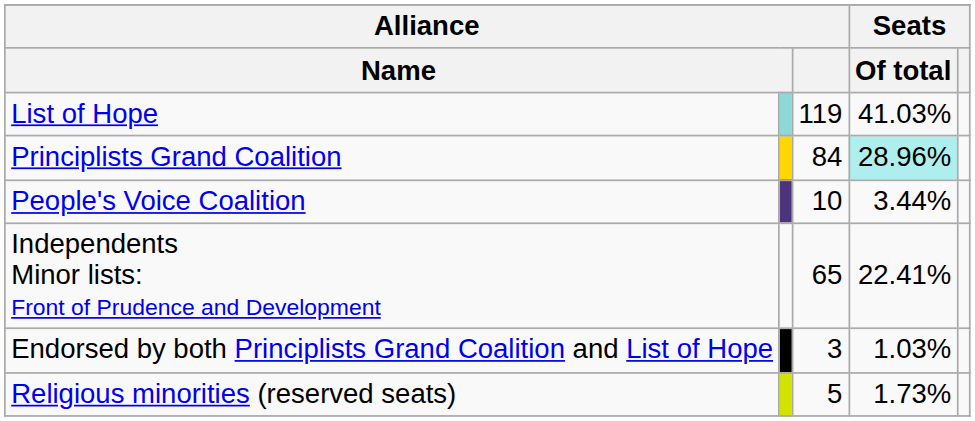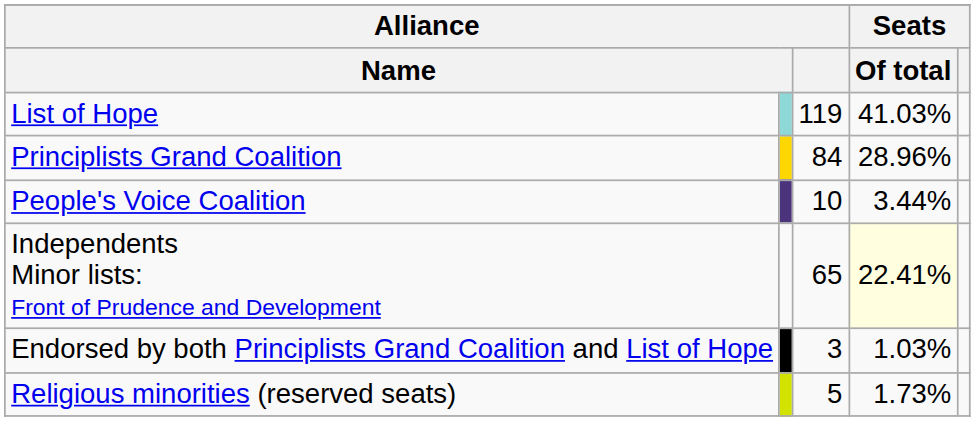 <table class="wikitable sortable" style="text-align:right;">
 <tr>
 </tr>
 <tr>
 <th colspan=3>Alliance</th>
 <th colspan=3>Seats</th>
 </tr>
 <tr>
 <th colspan="2">Name</th>
 <th></th>
 <th>Of total</th>
 <th class="unsortable"></th>
 </tr>
 <tr>
 <td style="text-align:left;"><a href='#'>List of Hope</a></td>
 <td style="background:#8FD8D8;"></td>
 <td>119</td>
 <td>41.03%</td>
 <td data-sort-value=""></td>
 </tr>
 <tr>
 <td style="text-align:left;"><a href='#'>Principlists Grand Coalition</a></td>
 <td style="background:#ffd700;"></td>
 <td>84</td>
-<td style="background: paleturquoise;">28.96%</td>
+<td>28.96%</td>
 <td data-sort-value=""></td>
 </tr>
 <tr>
 <td style="text-align:left;"><a href='#'>People's Voice Coalition</a></td>
 <td style="background:#4b347c;"></td>
 <td>10</td>
 <td>3.44%</td>
 <td data-sort-value=""></td>
 </tr>
 <tr>
 <td style="text-align:left;">Independents<br>Minor lists:<br><small><a href='#'>Front of Prudence and Development</a></small></td>
 <td style="color:inherit;background:"></td>
 <td>65</td>
-<td>22.41%</td>
+<td style="background: lightyellow;">22.41%</td>
 <td data-sort-value=""></td>
 </tr>
 <tr>
 <td style="text-align:left;">Endorsed by both <a href='#'>Principlists Grand Coalition</a> and <a href='#'>List of Hope</a></td>
 <td style="background:#000000;"></td>
 <td>3</td>
 <td>1.03%</td>
 <td data-sort-value=""></td>
 </tr>
 <tr>
 <td style="text-align:left;"><a href='#'>Religious minorities</a> (reserved seats)</td>
 <td style="background:#D3E300;"></td>
 <td>5</td>
 <td>1.73%</td>
 <td data-sort-value=""></td>
 </tr>
 </table>
